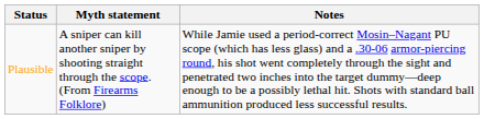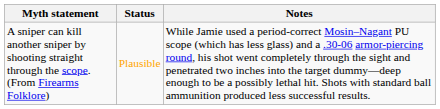 <table class="wikitable plainrowheaders">
 <tr>
+<th>Myth statement</th>
 <th>Status</th>
-<th>Myth statement</th>
 <th>Notes</th>
 </tr>
 <tr>
+<td>A sniper can kill another sniper by shooting straight through the <a href='#'>scope</a>. (From <a href='#'>Firearms Folklore</a>)</td>
 <td style="color:orange">Plausible</td>
-<td>A sniper can kill another sniper by shooting straight through the <a href='#'>scope</a>. (From <a href='#'>Firearms Folklore</a>)</td>
 <td>While Jamie used a period-correct <a href='#'>Mosin–Nagant</a> PU scope (which has less glass) and a <a href='#'>.30-06</a> <a href='#'>armor-piercing round</a>, his shot went completely through the sight and penetrated two inches into the target dummy—deep enough to be a possibly lethal hit. Shots with standard ball ammunition produced less successful results.</td>
 </tr>
 </table>
